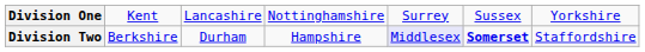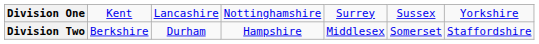 <table class="wikitable" style="text-align: center" style="font-size: 95%; border: 1px #aaaaaa solid; border-collapse: collapse; clear:center;">
 <tr>
 <th>Division One</th>
 <td><a href='#'>Kent</a></td>
 <td><a href='#'>Lancashire</a></td>
 <td><a href='#'>Nottinghamshire</a></td>
 <td><a href='#'>Surrey</a></td>
 <td><a href='#'>Sussex</a></td>
 <td><a href='#'>Yorkshire</a></td>
 </tr>
 <tr>
 <th>Division Two</th>
 <td><a href='#'>Berkshire</a></td>
 <td><a href='#'>Durham</a></td>
 <td><a href='#'>Hampshire</a></td>
-<td style="background: lavender;"><a href='#'>Middlesex</a></td>
-<td><strong><a href='#'>Somerset</a></strong></td>
+<td><a href='#'>Middlesex</a></td>
+<td><a href='#'>Somerset</a></td>
 <td><a href='#'>Staffordshire</a></td>
 </tr>
 </table>
